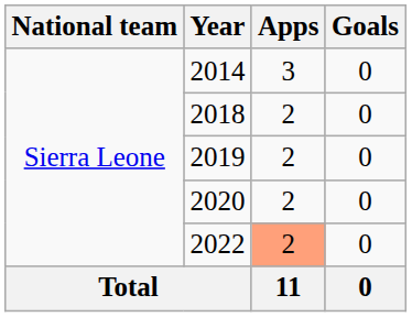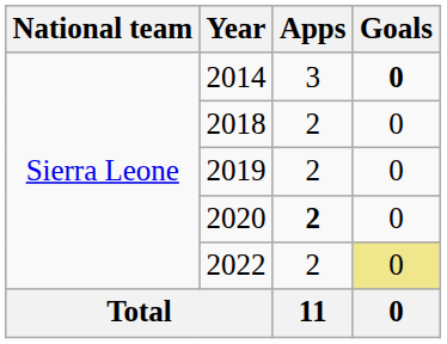 <table class="wikitable" style="text-align: center;">
 <tr>
 <th>National team</th>
 <th>Year</th>
 <th>Apps</th>
 <th>Goals</th>
 </tr>
 <tr>
 <td rowspan="5"><a href='#'>Sierra Leone</a></td>
 <td>2014</td>
 <td>3</td>
-<td>0</td>
+<td><strong>0</strong></td>
 </tr>
 <tr>
 <td>2018</td>
 <td>2</td>
 <td>0</td>
 </tr>
 <tr>
 <td>2019</td>
 <td>2</td>
 <td>0</td>
 </tr>
 <tr>
 <td>2020</td>
-<td>2</td>
+<td><strong>2</strong></td>
 <td>0</td>
 </tr>
 <tr>
 <td>2022</td>
-<td style="background: lightsalmon;">2</td>
-<td>0</td>
+<td>2</td>
+<td style="background: khaki;">0</td>
 </tr>
 <tr>
 <th colspan="2">Total</th>
 <th>11</th>
 <th>0</th>
 </tr>
 </table>
